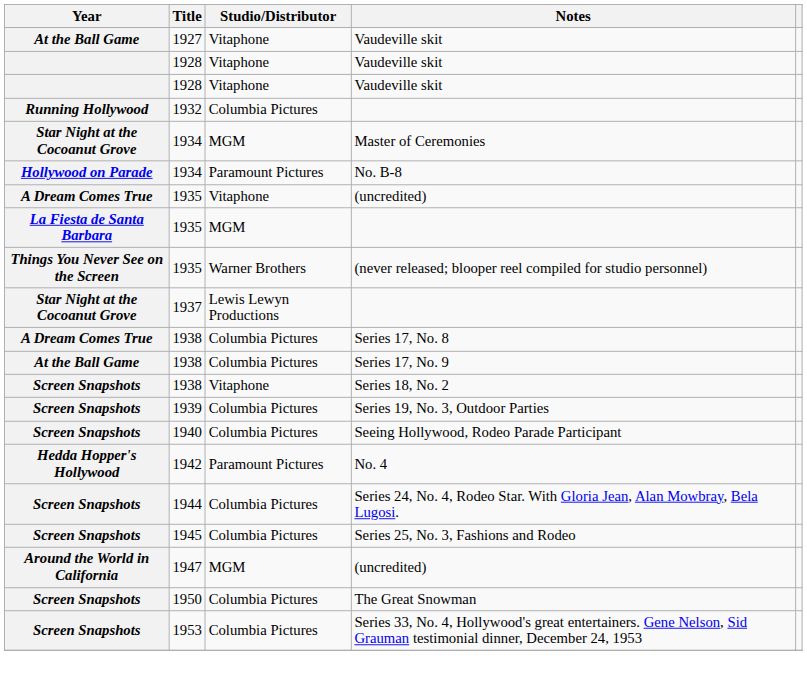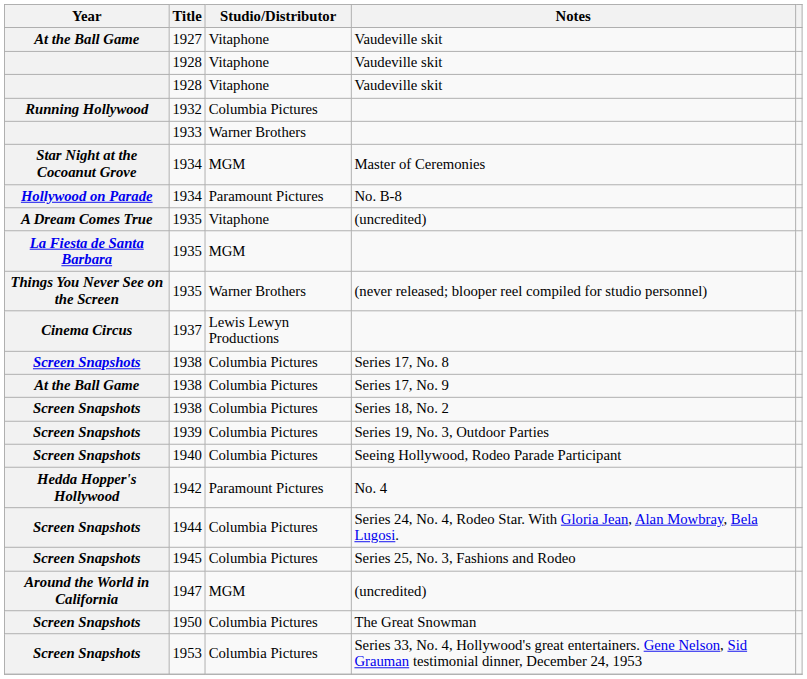 <table class="wikitable sortable plainrowheaders">
 <tr>
 <th scope="col">Year</th>
 <th scope="col">Title</th>
 <th scope="col">Studio/Distributor</th>
 <th scope="col" class="unsortable">Notes</th>
 <th scope="col" class="unsortable"></th>
 </tr>
 <tr>
 <th scope="row"><em>At the Ball Game</em></th>
 <td>1927</td>
 <td>Vitaphone</td>
 <td>Vaudeville skit</td>
 <td align="center"></td>
 </tr>
 <tr>
 <th scope="row"></th>
 <td>1928</td>
 <td>Vitaphone</td>
 <td>Vaudeville skit</td>
 <td align="center"></td>
 </tr>
 <tr>
 <th scope="row"></th>
 <td>1928</td>
 <td>Vitaphone</td>
 <td>Vaudeville skit</td>
 <td align="center"></td>
 </tr>
 <tr>
 <th scope="row"><em>Running Hollywood</em></th>
 <td>1932</td>
 <td>Columbia Pictures</td>
+<td></td>
+<td align="center"></td>
+</tr>
+<tr>
+<th scope="row"></th>
+<td>1933</td>
+<td>Warner Brothers</td>
 <td></td>
 <td align="center"></td>
 </tr>
 <tr>
 <th scope="row"><em>Star Night at the Cocoanut Grove</em></th>
 <td>1934</td>
 <td>MGM</td>
 <td>Master of Ceremonies</td>
 <td align="center"></td>
 </tr>
 <tr>
 <th scope="row"><em><a href='#'>Hollywood on Parade</a></em></th>
 <td>1934</td>
 <td>Paramount Pictures</td>
 <td>No. B-8</td>
 <td align="center"></td>
 </tr>
 <tr>
 <th scope="row"><em>A Dream Comes True</em></th>
 <td>1935</td>
 <td>Vitaphone</td>
 <td>(uncredited)</td>
 <td align="center"></td>
 </tr>
 <tr>
 <th scope="row"><em><a href='#'>La Fiesta de Santa Barbara</a></em></th>
 <td>1935</td>
 <td>MGM</td>
 <td></td>
 <td align="center"></td>
 </tr>
 <tr>
 <th scope="row"><em>Things You Never See on the Screen</em></th>
 <td>1935</td>
 <td>Warner Brothers</td>
 <td>(never released; blooper reel compiled for studio personnel)</td>
 <td align="center"></td>
 </tr>
 <tr>
-<th scope="row"><em>Star Night at the Cocoanut Grove</em></th>
+<th scope="row"><em>Cinema Circus</em></th>
 <td>1937</td>
 <td>Lewis Lewyn Productions</td>
 <td></td>
 <td align="center"></td>
 </tr>
 <tr>
-<th scope="row"><em>A Dream Comes True</em></th>
+<th scope="row"><em><a href='#'>Screen Snapshots</a></em></th>
 <td>1938</td>
 <td>Columbia Pictures</td>
 <td>Series 17, No. 8</td>
 <td align="center"></td>
 </tr>
 <tr>
 <th scope="row"><em>At the Ball Game</em></th>
 <td>1938</td>
 <td>Columbia Pictures</td>
 <td>Series 17, No. 9</td>
 <td align="center"></td>
 </tr>
 <tr>
 <th scope="row"><em>Screen Snapshots</em></th>
 <td>1938</td>
-<td>Vitaphone</td>
+<td>Columbia Pictures</td>
 <td>Series 18, No. 2</td>
 <td align="center"></td>
 </tr>
 <tr>
 <th scope="row"><em>Screen Snapshots</em></th>
 <td>1939</td>
 <td>Columbia Pictures</td>
 <td>Series 19, No. 3, Outdoor Parties</td>
 <td align="center"></td>
 </tr>
 <tr>
 <th scope="row"><em>Screen Snapshots</em></th>
 <td>1940</td>
 <td>Columbia Pictures</td>
 <td>Seeing Hollywood, Rodeo Parade Participant</td>
 <td align="center"></td>
 </tr>
 <tr>
 <th scope="row"><em>Hedda Hopper's Hollywood</em></th>
 <td>1942</td>
 <td>Paramount Pictures</td>
 <td>No. 4</td>
 <td align="center"></td>
 </tr>
 <tr>
 <th scope="row"><em>Screen Snapshots</em></th>
 <td>1944</td>
 <td>Columbia Pictures</td>
 <td>Series 24, No. 4, Rodeo Star. With <a href='#'>Gloria Jean</a>, <a href='#'>Alan Mowbray</a>, <a href='#'>Bela Lugosi</a>.</td>
 <td align="center"></td>
 </tr>
 <tr>
 <th scope="row"><em>Screen Snapshots</em></th>
 <td>1945</td>
 <td>Columbia Pictures</td>
 <td>Series 25, No. 3, Fashions and Rodeo</td>
 <td align="center"></td>
 </tr>
 <tr>
 <th scope="row"><em>Around the World in California</em></th>
 <td>1947</td>
 <td>MGM</td>
 <td>(uncredited)</td>
 <td align="center"></td>
 </tr>
 <tr>
 <th scope="row"><em>Screen Snapshots</em></th>
 <td>1950</td>
 <td>Columbia Pictures</td>
 <td>The Great Snowman</td>
 <td align="center"></td>
 </tr>
 <tr>
 <th scope="row"><em>Screen Snapshots</em></th>
 <td>1953</td>
 <td>Columbia Pictures</td>
 <td>Series 33, No. 4, Hollywood's great entertainers. <a href='#'>Gene Nelson</a>, <a href='#'>Sid Grauman</a> testimonial dinner, December 24, 1953</td>
 <td align="center"></td>
 </tr>
 <tr>
 </tr>
 </table>
